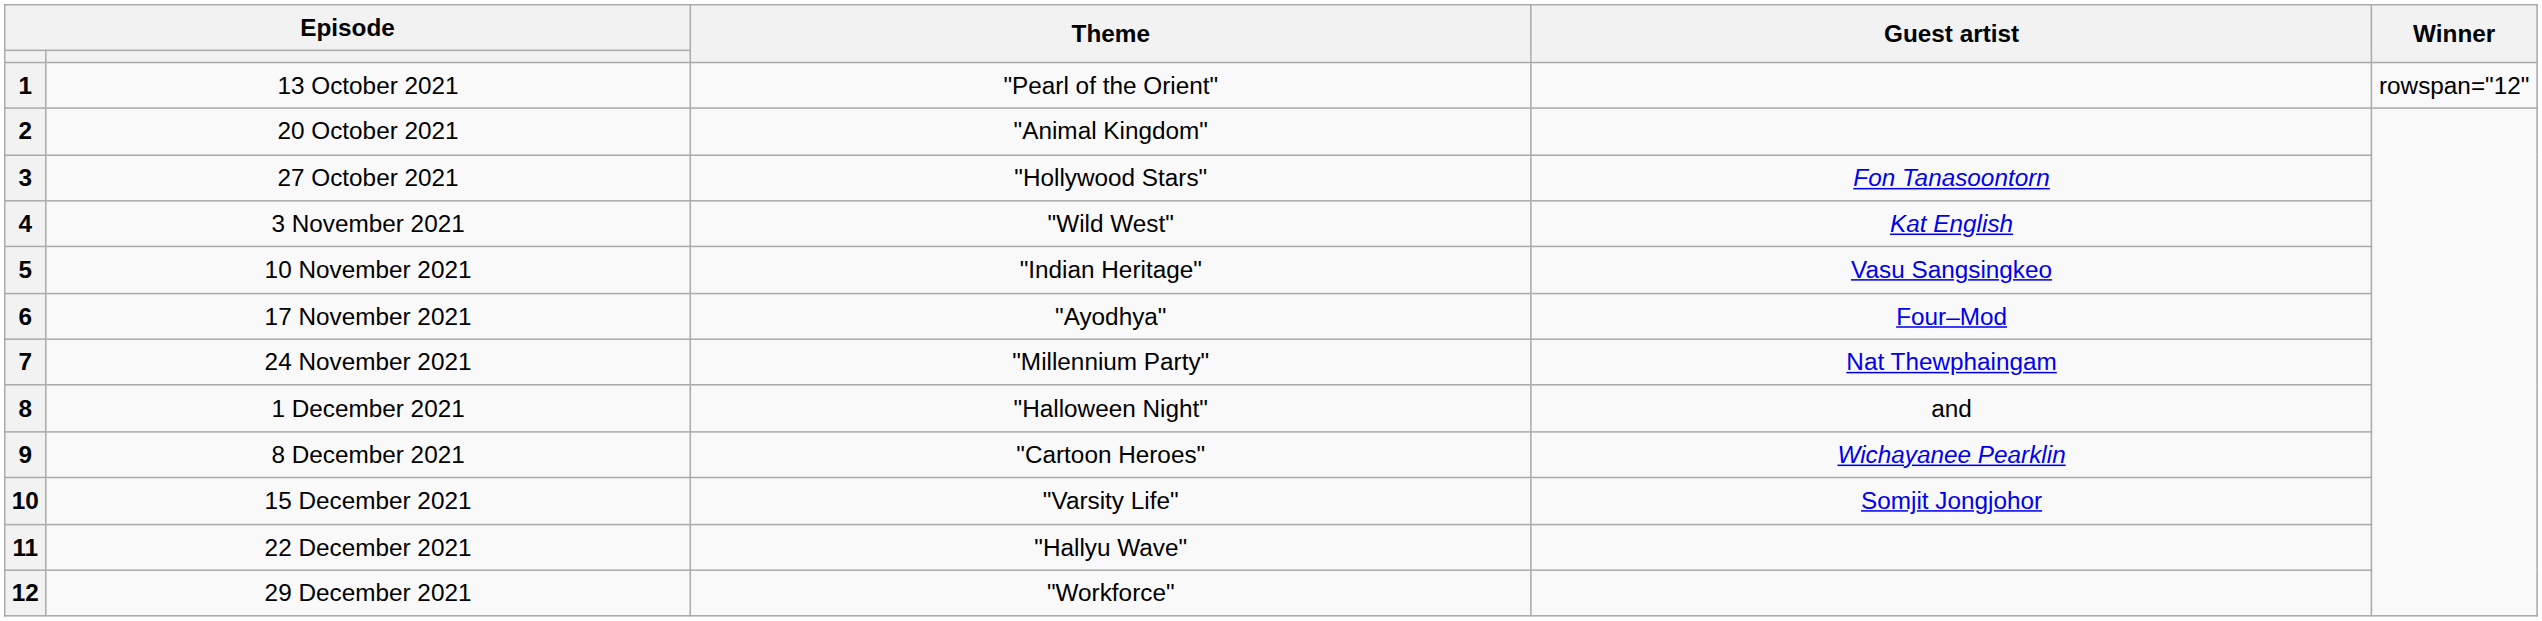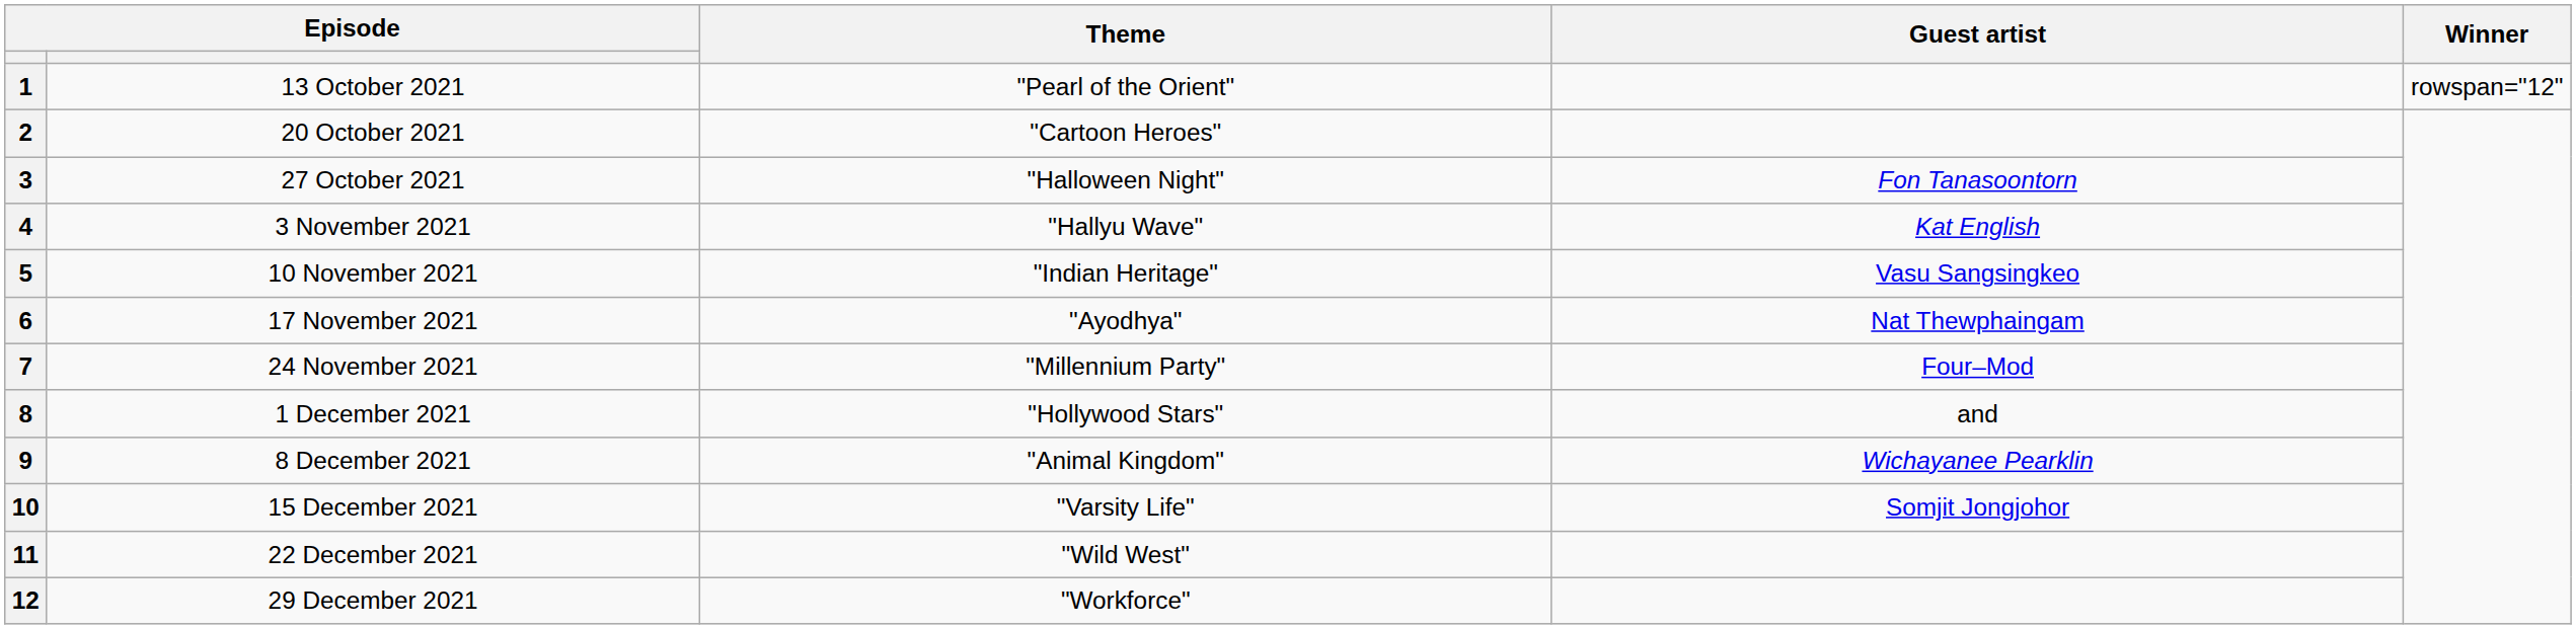 <table class="wikitable plainrowheaders mw-collapsible" style="text-align:center; line-height:23px; width:84%;">
 <tr>
 <th colspan="2" width="24%">Episode</th>
 <th rowspan="2" width="30%">Theme</th>
 <th rowspan="2" width="30%">Guest artist</th>
 <th rowspan="2" width="1%">Winner</th>
 </tr>
 <tr>
 <th width="01%"></th>
 <th></th>
 </tr>
 <tr>
 <th>1</th>
 <td>13 October 2021</td>
 <td>"Pearl of the Orient"</td>
 <td><em></em></td>
 <td>rowspan="12"</td>
 </tr>
 <tr>
 <th>2</th>
 <td>20 October 2021</td>
-<td>"Animal Kingdom"</td>
+<td>"Cartoon Heroes"</td>
 <td><em></em></td>
 </tr>
 <tr>
 <th>3</th>
 <td>27 October 2021</td>
-<td>"Hollywood Stars"</td>
+<td>"Halloween Night"</td>
 <td><em><a href='#'>Fon Tanasoontorn</a></em></td>
 </tr>
 <tr>
 <th>4</th>
 <td>3 November 2021</td>
-<td>"Wild West"</td>
+<td>"Hallyu Wave"</td>
 <td><em><a href='#'>Kat English</a></em></td>
 </tr>
 <tr>
 <th>5</th>
 <td>10 November 2021</td>
 <td>"Indian Heritage"</td>
 <td><a href='#'>Vasu Sangsingkeo</a></td>
 </tr>
 <tr>
 <th>6</th>
 <td>17 November 2021</td>
 <td>"Ayodhya"</td>
-<td><a href='#'>Four–Mod</a></td>
+<td><a href='#'>Nat Thewphaingam</a></td>
 </tr>
 <tr>
 <th>7</th>
 <td>24 November 2021</td>
 <td>"Millennium Party"</td>
-<td><a href='#'>Nat Thewphaingam</a></td>
+<td><a href='#'>Four–Mod</a></td>
 </tr>
 <tr>
 <th>8</th>
 <td>1 December 2021</td>
-<td>"Halloween Night"</td>
+<td>"Hollywood Stars"</td>
 <td><em></em> and <em></em></td>
 </tr>
 <tr>
 <th>9</th>
 <td>8 December 2021</td>
-<td>"Cartoon Heroes"</td>
+<td>"Animal Kingdom"</td>
 <td><em><a href='#'>Wichayanee Pearklin</a></em></td>
 </tr>
 <tr>
 <th>10</th>
 <td>15 December 2021</td>
 <td>"Varsity Life"</td>
 <td><a href='#'>Somjit Jongjohor</a></td>
 </tr>
 <tr>
 <th>11</th>
 <td>22 December 2021</td>
-<td>"Hallyu Wave"</td>
+<td>"Wild West"</td>
 <td></td>
 </tr>
 <tr>
 <th>12</th>
 <td>29 December 2021</td>
 <td>"Workforce"</td>
 <td><em></em></td>
 </tr>
 </table>
